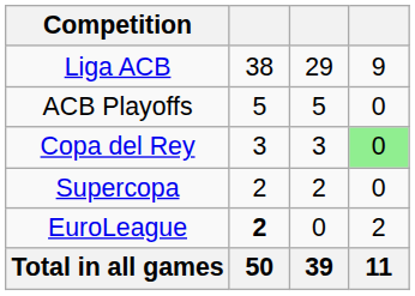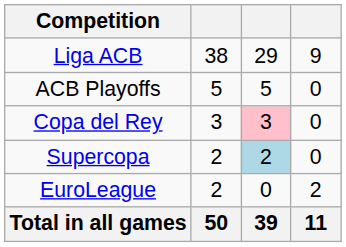 <table class="wikitable" style="text-align:center">
 <tr>
 <th>Competition</th>
 <th width=30></th>
 <th width=30></th>
 <th width=30></th>
 </tr>
 <tr>
 <td><a href='#'>Liga ACB</a></td>
 <td>38</td>
 <td>29</td>
 <td>9</td>
 </tr>
 <tr>
 <td>ACB Playoffs</td>
 <td>5</td>
 <td>5</td>
 <td>0</td>
 </tr>
 <tr>
 <td><a href='#'>Copa del Rey</a></td>
 <td>3</td>
-<td>3</td>
-<td style="background: lightgreen;">0</td>
+<td style="background: pink;">3</td>
+<td>0</td>
 </tr>
 <tr>
 <td><a href='#'>Supercopa</a></td>
 <td>2</td>
-<td>2</td>
+<td style="background: lightblue;">2</td>
 <td>0</td>
 </tr>
 <tr>
 <td><a href='#'>EuroLeague</a></td>
-<td><strong>2</strong></td>
+<td>2</td>
 <td>0</td>
 <td>2</td>
 </tr>
 <tr>
 <th>Total in all games</th>
 <th>50</th>
 <th>39</th>
 <th>11</th>
 </tr>
 </table>
